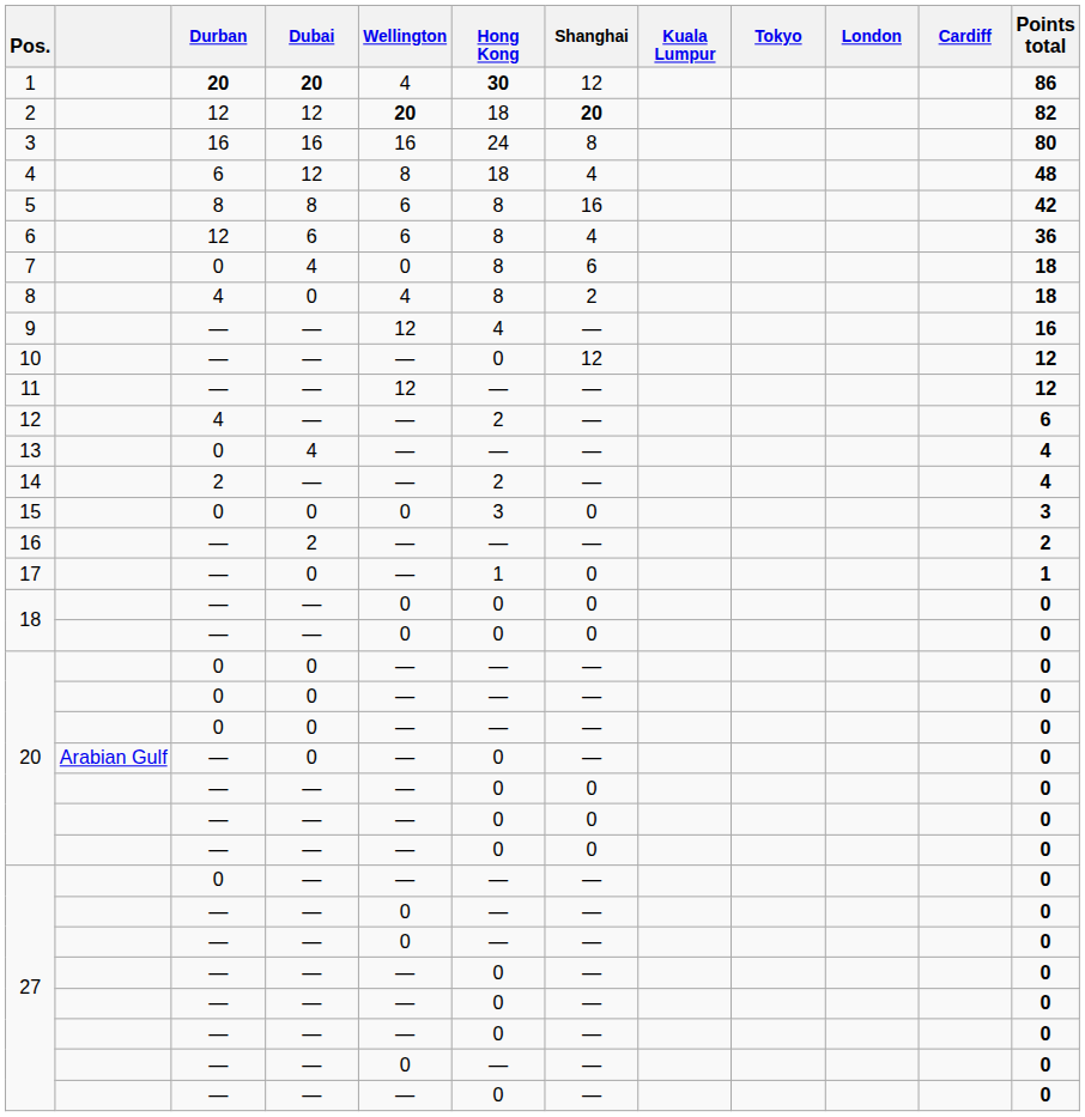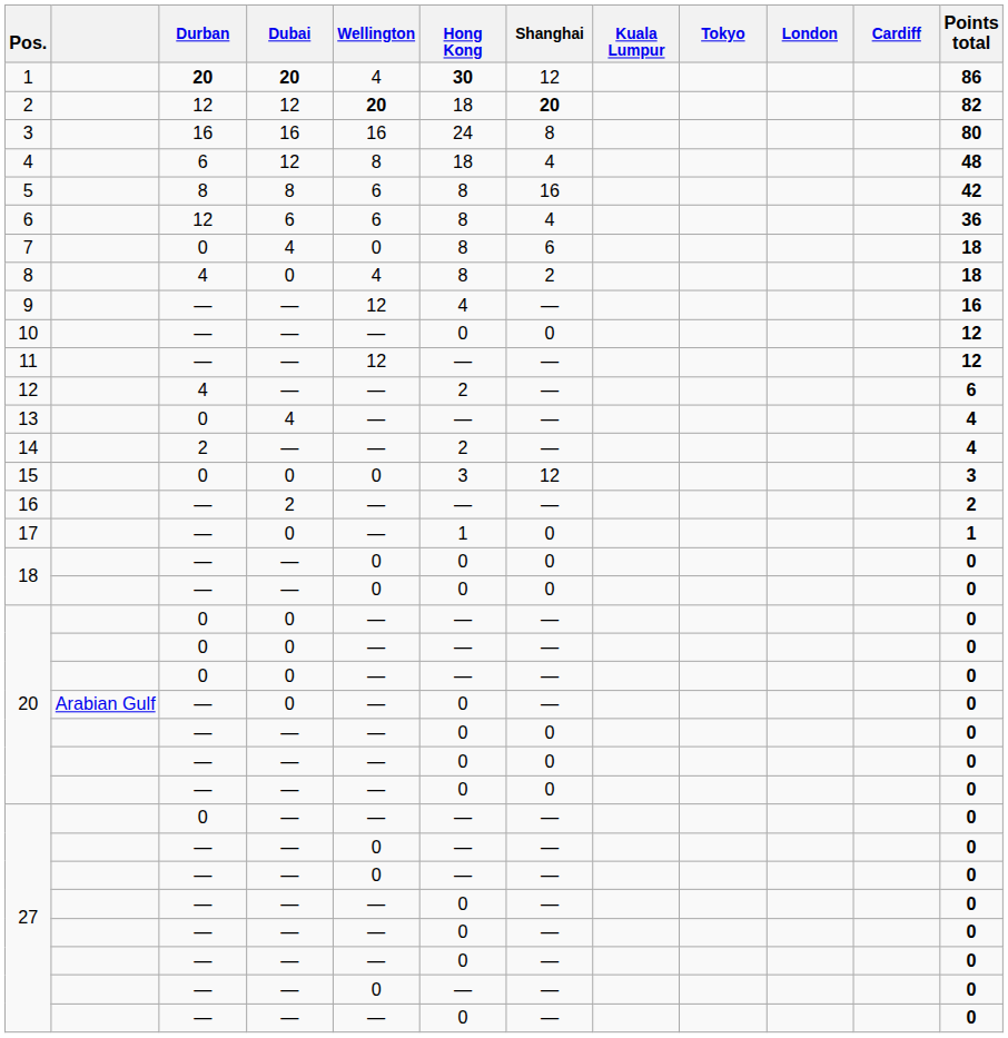 <table class="wikitable" style="text-align:center;">
 <tr>
 <th style="width:2em;"><br>Pos.</th>
 <th></th>
 <th style="width:5.2em; vertical-align:top; font-size:85%;"><br><a href='#'>Durban</a></th>
 <th style="width:5.2em; vertical-align:top; font-size:85%;"><br><a href='#'>Dubai</a></th>
 <th style="width:5.2em; vertical-align:top; font-size:85%;"><br><a href='#'>Wellington</a></th>
 <th style="width:5.2em; vertical-align:top; font-size:85%;"><br><a href='#'>Hong Kong</a></th>
 <th style="width:5.2em; vertical-align:top; font-size:85%;"><br>Shanghai</th>
 <th style="width:5.2em; vertical-align:top; font-size:85%;"><br><a href='#'>Kuala Lumpur</a></th>
 <th style="width:5.2em; vertical-align:top; font-size:85%;"><br><a href='#'>Tokyo</a></th>
 <th style="width:5.2em; vertical-align:top; font-size:85%;"><br><a href='#'>London</a></th>
 <th style="width:5.2em; vertical-align:top; font-size:85%;"><br><a href='#'>Cardiff</a></th>
 <th>Points<br>total</th>
 </tr>
 <tr>
 <td>1</td>
 <td align=left></td>
 <td><strong>20</strong></td>
 <td><strong>20</strong></td>
 <td>4</td>
 <td><strong>30</strong></td>
 <td>12</td>
 <td></td>
 <td></td>
 <td></td>
 <td></td>
 <td><strong>86</strong></td>
 </tr>
 <tr>
 <td>2</td>
 <td align=left></td>
 <td>12</td>
 <td>12</td>
 <td><strong>20</strong></td>
 <td>18</td>
 <td><strong>20</strong></td>
 <td></td>
 <td></td>
 <td></td>
 <td></td>
 <td><strong>82</strong></td>
 </tr>
 <tr>
 <td>3</td>
 <td align=left></td>
 <td>16</td>
 <td>16</td>
 <td>16</td>
 <td>24</td>
 <td>8</td>
 <td></td>
 <td></td>
 <td></td>
 <td></td>
 <td><strong>80</strong></td>
 </tr>
 <tr>
 <td>4</td>
 <td align=left></td>
 <td>6</td>
 <td>12</td>
 <td>8</td>
 <td>18</td>
 <td>4</td>
 <td></td>
 <td></td>
 <td></td>
 <td></td>
 <td><strong>48</strong></td>
 </tr>
 <tr>
 <td>5</td>
 <td align=left></td>
 <td>8</td>
 <td>8</td>
 <td>6</td>
 <td>8</td>
 <td>16</td>
 <td></td>
 <td></td>
 <td></td>
 <td></td>
 <td><strong>42</strong></td>
 </tr>
 <tr>
 <td>6</td>
 <td align=left></td>
 <td>12</td>
 <td>6</td>
 <td>6</td>
 <td>8</td>
 <td>4</td>
 <td></td>
 <td></td>
 <td></td>
 <td></td>
 <td><strong>36</strong></td>
 </tr>
 <tr>
 <td>7</td>
 <td align=left></td>
 <td>0</td>
 <td>4</td>
 <td>0</td>
 <td>8</td>
 <td>6</td>
 <td></td>
 <td></td>
 <td></td>
 <td></td>
 <td><strong>18</strong></td>
 </tr>
 <tr>
 <td>8</td>
 <td align=left></td>
 <td>4</td>
 <td>0</td>
 <td>4</td>
 <td>8</td>
 <td>2</td>
 <td></td>
 <td></td>
 <td></td>
 <td></td>
 <td><strong>18</strong></td>
 </tr>
 <tr>
 <td>9</td>
 <td align=left></td>
 <td>—</td>
 <td>—</td>
 <td>12</td>
 <td>4</td>
 <td>—</td>
 <td></td>
 <td></td>
 <td></td>
 <td></td>
 <td><strong>16</strong></td>
 </tr>
 <tr>
 <td>10</td>
 <td align=left></td>
 <td>—</td>
 <td>—</td>
 <td>—</td>
 <td>0</td>
-<td>12</td>
+<td>0</td>
 <td></td>
 <td></td>
 <td></td>
 <td></td>
 <td><strong>12</strong></td>
 </tr>
 <tr>
 <td>11</td>
 <td align=left></td>
 <td>—</td>
 <td>—</td>
 <td>12</td>
 <td>—</td>
 <td>—</td>
 <td></td>
 <td></td>
 <td></td>
 <td></td>
 <td><strong>12</strong></td>
 </tr>
 <tr>
 <td>12</td>
 <td align=left></td>
 <td>4</td>
 <td>—</td>
 <td>—</td>
 <td>2</td>
 <td>—</td>
 <td></td>
 <td></td>
 <td></td>
 <td></td>
 <td><strong>6</strong></td>
 </tr>
 <tr>
 <td>13</td>
 <td align=left></td>
 <td>0</td>
 <td>4</td>
 <td>—</td>
 <td>—</td>
 <td>—</td>
 <td></td>
 <td></td>
 <td></td>
 <td></td>
 <td><strong>4</strong></td>
 </tr>
 <tr>
 <td>14</td>
 <td align=left></td>
 <td>2</td>
 <td>—</td>
 <td>—</td>
 <td>2</td>
 <td>—</td>
 <td></td>
 <td></td>
 <td></td>
 <td></td>
 <td><strong>4</strong></td>
 </tr>
 <tr>
 <td>15</td>
 <td align=left></td>
 <td>0</td>
 <td>0</td>
 <td>0</td>
 <td>3</td>
-<td>0</td>
+<td>12</td>
 <td></td>
 <td></td>
 <td></td>
 <td></td>
 <td><strong>3</strong></td>
 </tr>
 <tr>
 <td>16</td>
 <td align=left></td>
 <td>—</td>
 <td>2</td>
 <td>—</td>
 <td>—</td>
 <td>—</td>
 <td></td>
 <td></td>
 <td></td>
 <td></td>
 <td><strong>2</strong></td>
 </tr>
 <tr>
 <td>17</td>
 <td align=left></td>
 <td>—</td>
 <td>0</td>
 <td>—</td>
 <td>1</td>
 <td>0</td>
 <td></td>
 <td></td>
 <td></td>
 <td></td>
 <td><strong>1</strong></td>
 </tr>
 <tr>
 <td rowspan=2>18</td>
 <td align=left></td>
 <td>—</td>
 <td>—</td>
 <td>0</td>
 <td>0</td>
 <td>0</td>
 <td></td>
 <td></td>
 <td></td>
 <td></td>
 <td><strong>0</strong></td>
 </tr>
 <tr>
 <td align=left></td>
 <td>—</td>
 <td>—</td>
 <td>0</td>
 <td>0</td>
 <td>0</td>
 <td></td>
 <td></td>
 <td></td>
 <td></td>
 <td><strong>0</strong></td>
 </tr>
 <tr>
 <td rowspan=7>20</td>
 <td align=left></td>
 <td>0</td>
 <td>0</td>
 <td>—</td>
 <td>—</td>
 <td>—</td>
 <td></td>
 <td></td>
 <td></td>
 <td></td>
 <td><strong>0</strong></td>
 </tr>
 <tr>
 <td align=left></td>
 <td>0</td>
 <td>0</td>
 <td>—</td>
 <td>—</td>
 <td>—</td>
 <td></td>
 <td></td>
 <td></td>
 <td></td>
 <td><strong>0</strong></td>
 </tr>
 <tr>
 <td align=left></td>
 <td>0</td>
 <td>0</td>
 <td>—</td>
 <td>—</td>
 <td>—</td>
 <td></td>
 <td></td>
 <td></td>
 <td></td>
 <td><strong>0</strong></td>
 </tr>
 <tr>
 <td align=left> <a href='#'>Arabian Gulf</a></td>
 <td>—</td>
 <td>0</td>
 <td>—</td>
 <td>0</td>
 <td>—</td>
 <td></td>
 <td></td>
 <td></td>
 <td></td>
 <td><strong>0</strong></td>
 </tr>
 <tr>
 <td align=left></td>
 <td>—</td>
 <td>—</td>
 <td>—</td>
 <td>0</td>
 <td>0</td>
 <td></td>
 <td></td>
 <td></td>
 <td></td>
 <td><strong>0</strong></td>
 </tr>
 <tr>
 <td align=left></td>
 <td>—</td>
 <td>—</td>
 <td>—</td>
 <td>0</td>
 <td>0</td>
 <td></td>
 <td></td>
 <td></td>
 <td></td>
 <td><strong>0</strong></td>
 </tr>
 <tr>
 <td align=left></td>
 <td>—</td>
 <td>—</td>
 <td>—</td>
 <td>0</td>
 <td>0</td>
 <td></td>
 <td></td>
 <td></td>
 <td></td>
 <td><strong>0</strong></td>
 </tr>
 <tr>
 <td rowspan=8>27</td>
 <td align=left></td>
 <td>0</td>
 <td>—</td>
 <td>—</td>
 <td>—</td>
 <td>—</td>
 <td></td>
 <td></td>
 <td></td>
 <td></td>
 <td><strong>0</strong></td>
 </tr>
 <tr>
 <td align=left></td>
 <td>—</td>
 <td>—</td>
 <td>0</td>
 <td>—</td>
 <td>—</td>
 <td></td>
 <td></td>
 <td></td>
 <td></td>
 <td><strong>0</strong></td>
 </tr>
 <tr>
 <td align=left></td>
 <td>—</td>
 <td>—</td>
 <td>0</td>
 <td>—</td>
 <td>—</td>
 <td></td>
 <td></td>
 <td></td>
 <td></td>
 <td><strong>0</strong></td>
 </tr>
 <tr>
 <td align=left></td>
 <td>—</td>
 <td>—</td>
 <td>—</td>
 <td>0</td>
 <td>—</td>
 <td></td>
 <td></td>
 <td></td>
 <td></td>
 <td><strong>0</strong></td>
 </tr>
 <tr>
 <td align=left></td>
 <td>—</td>
 <td>—</td>
 <td>—</td>
 <td>0</td>
 <td>—</td>
 <td></td>
 <td></td>
 <td></td>
 <td></td>
 <td><strong>0</strong></td>
 </tr>
 <tr>
 <td align=left></td>
 <td>—</td>
 <td>—</td>
 <td>—</td>
 <td>0</td>
 <td>—</td>
 <td></td>
 <td></td>
 <td></td>
 <td></td>
 <td><strong>0</strong></td>
 </tr>
 <tr>
 <td align=left></td>
 <td>—</td>
 <td>—</td>
 <td>0</td>
 <td>—</td>
 <td>—</td>
 <td></td>
 <td></td>
 <td></td>
 <td></td>
 <td><strong>0</strong></td>
 </tr>
 <tr>
 <td align=left></td>
 <td>—</td>
 <td>—</td>
 <td>—</td>
 <td>0</td>
 <td>—</td>
 <td></td>
 <td></td>
 <td></td>
 <td></td>
 <td><strong>0</strong></td>
 </tr>
 </table>
